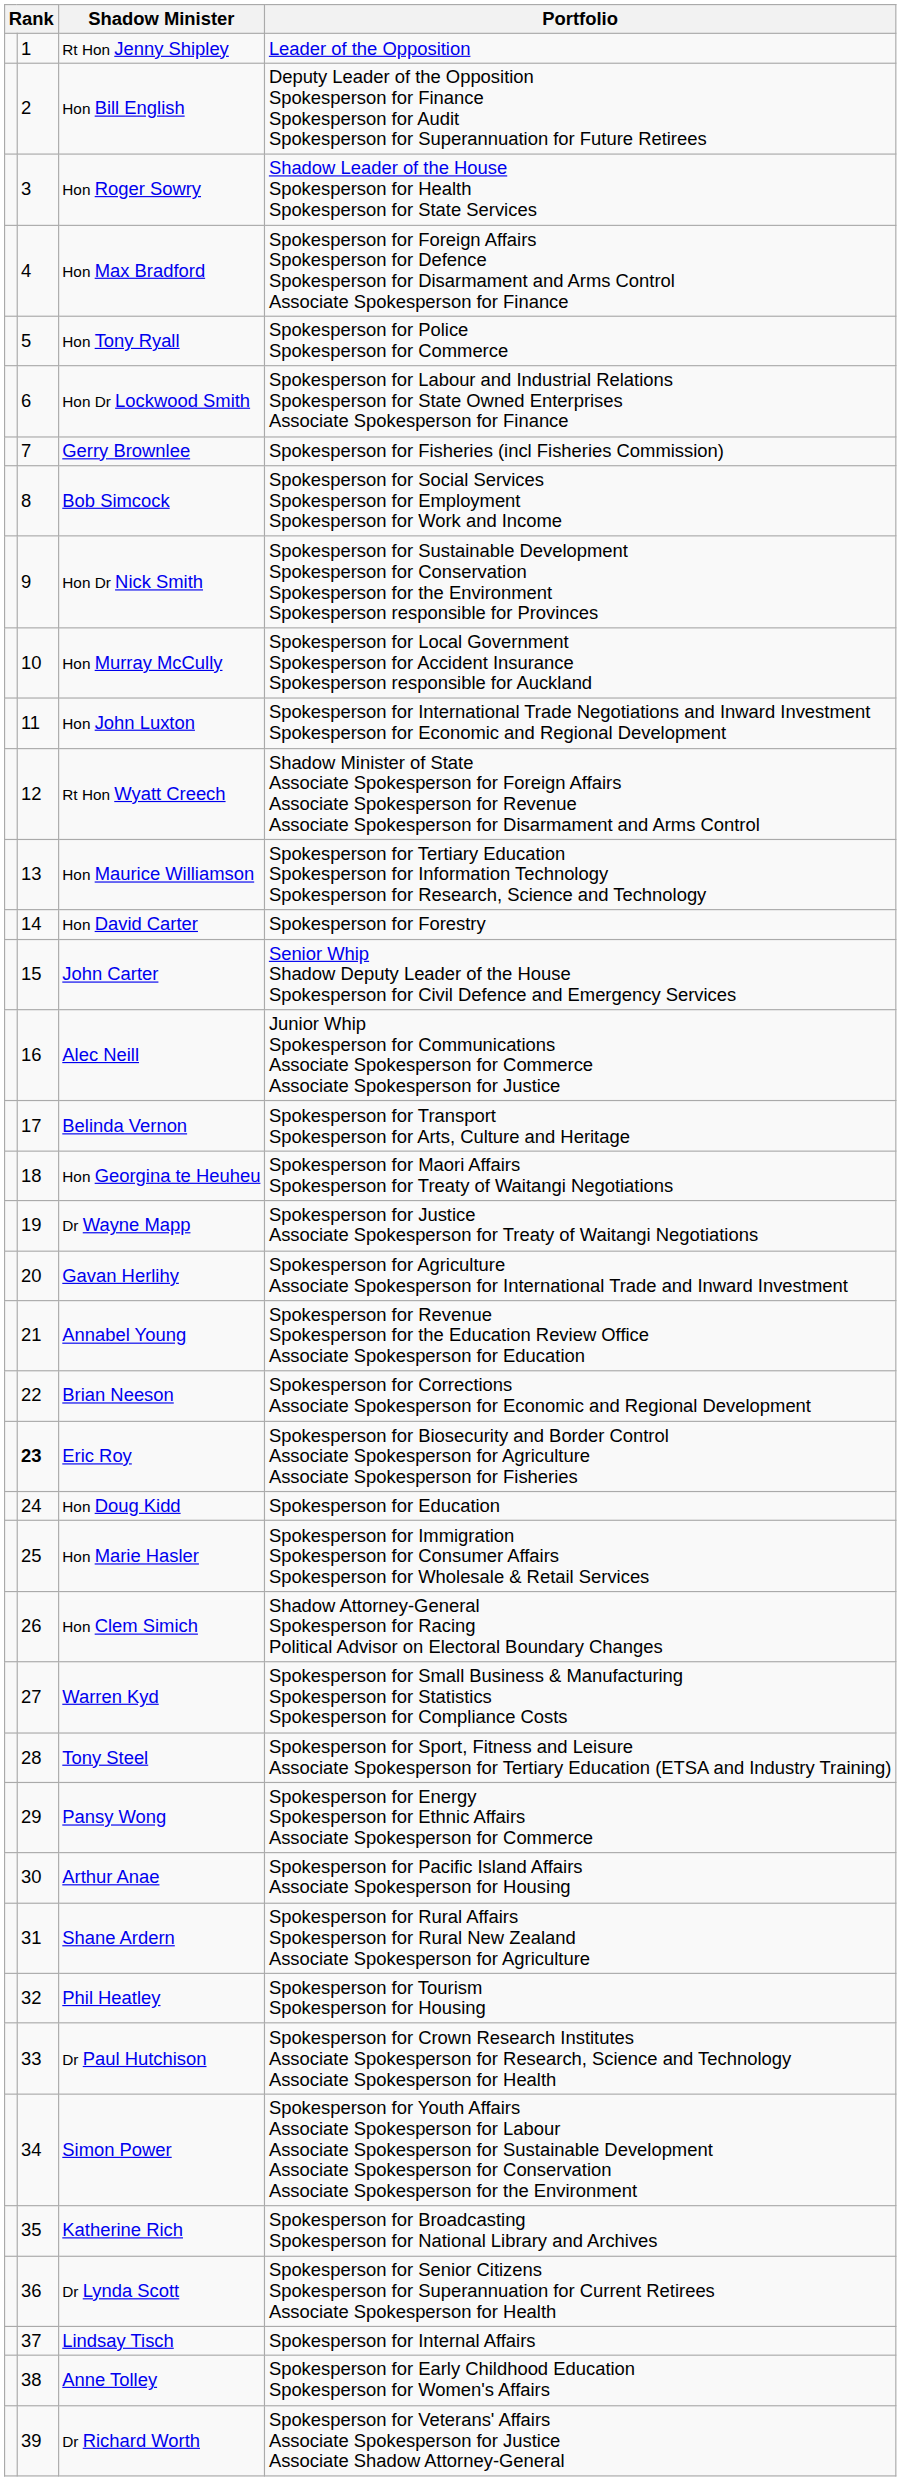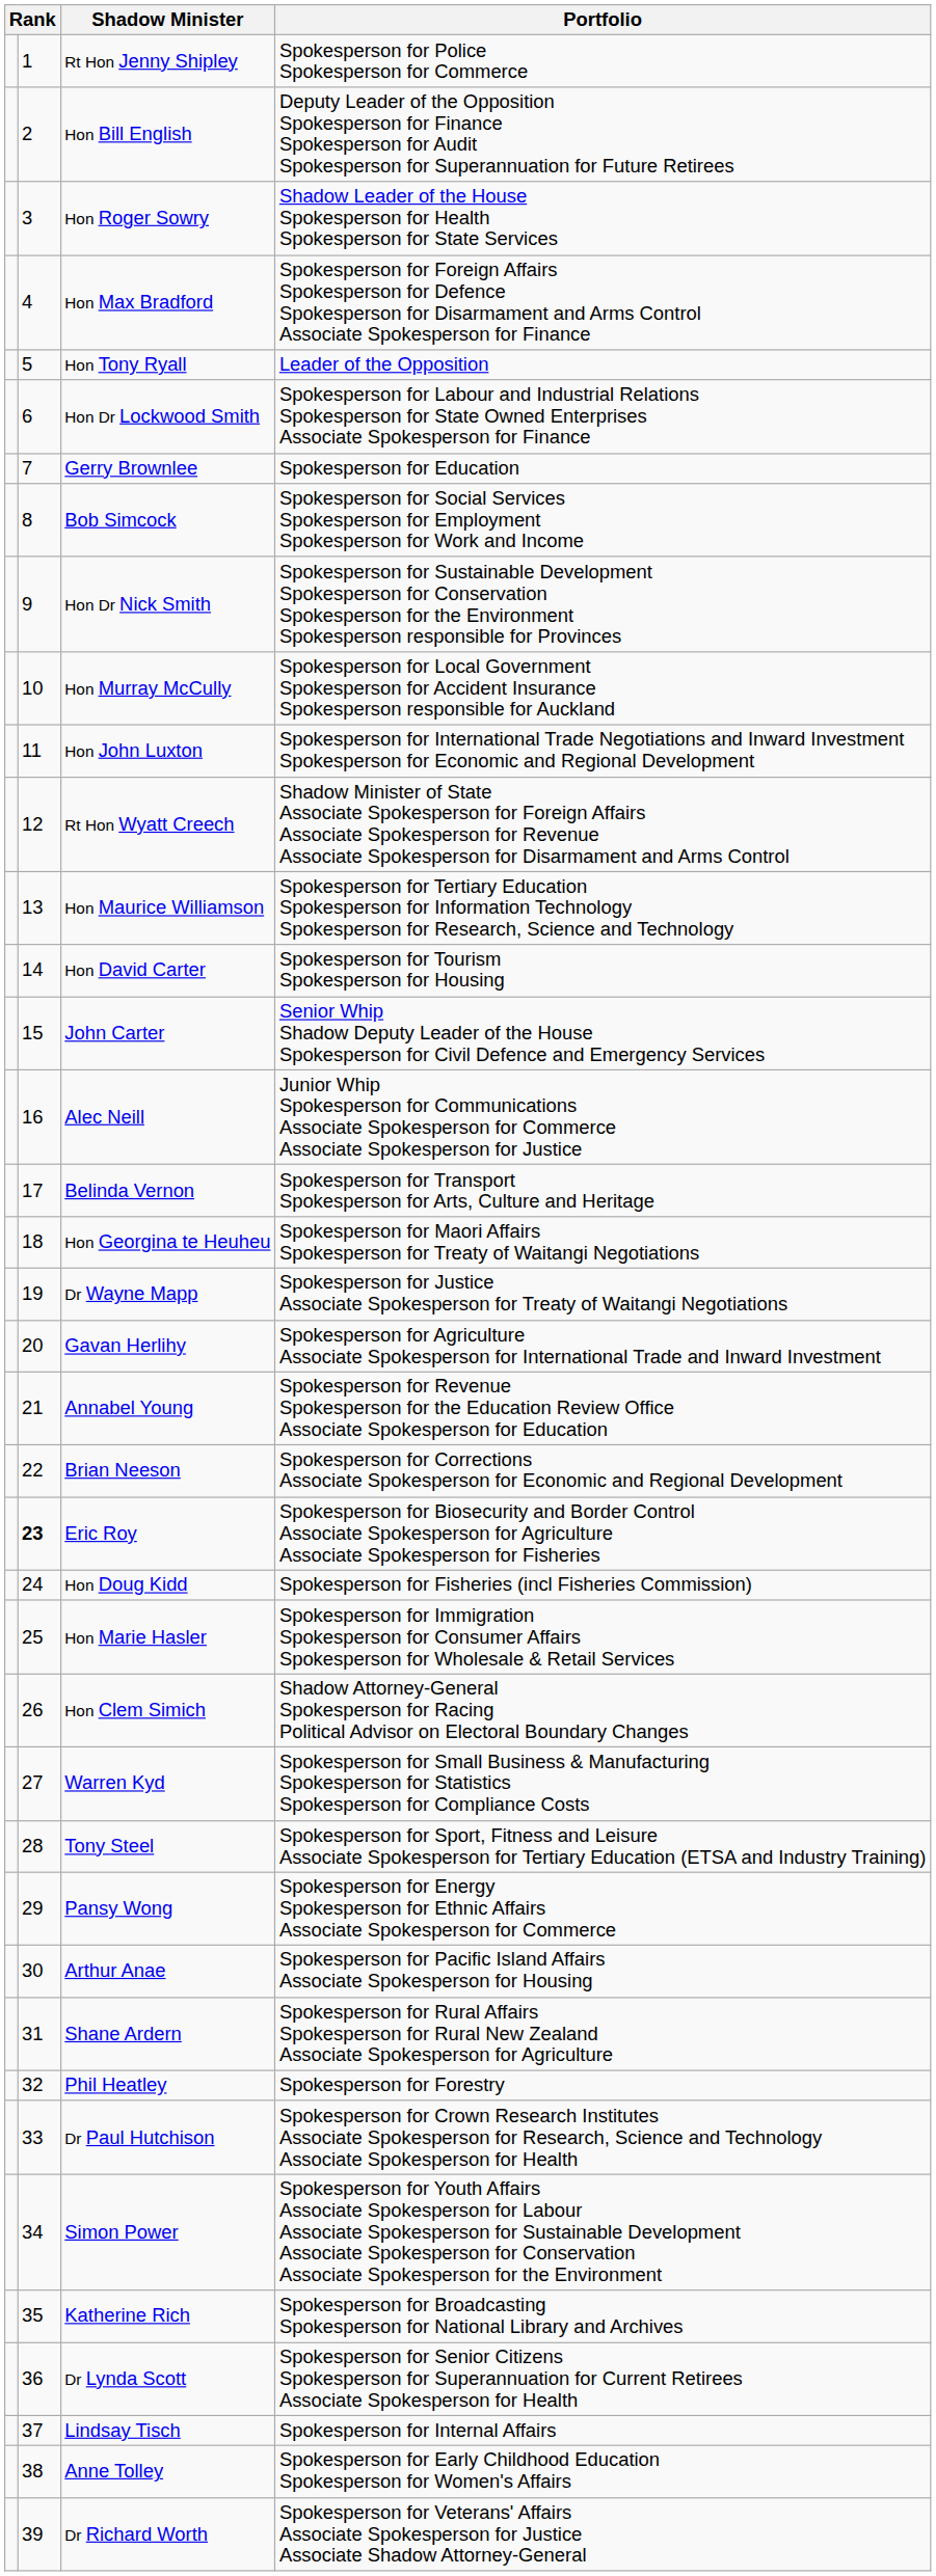 <table class="wikitable">
 <tr>
 <th colspan="2">Rank</th>
 <th>Shadow Minister</th>
 <th>Portfolio</th>
 </tr>
 <tr>
 <td></td>
 <td>1</td>
 <td><small>Rt Hon </small><a href='#'>Jenny Shipley</a></td>
-<td><a href='#'>Leader of the Opposition</a></td>
+<td>Spokesperson for Police<br>Spokesperson for Commerce</td>
 </tr>
 <tr>
 <td></td>
 <td>2</td>
 <td><small>Hon </small><a href='#'>Bill English</a></td>
 <td>Deputy Leader of the Opposition<br>Spokesperson for Finance<br>Spokesperson for Audit<br>Spokesperson for Superannuation for Future Retirees</td>
 </tr>
 <tr>
 <td></td>
 <td>3</td>
 <td><small>Hon </small><a href='#'>Roger Sowry</a></td>
 <td><a href='#'>Shadow Leader of the House</a><br>Spokesperson for Health<br>Spokesperson for State Services</td>
 </tr>
 <tr>
 <td></td>
 <td>4</td>
 <td><small>Hon </small><a href='#'>Max Bradford</a></td>
 <td>Spokesperson for Foreign Affairs<br>Spokesperson for Defence<br>Spokesperson for Disarmament and Arms Control<br>Associate Spokesperson for Finance</td>
 </tr>
 <tr>
 <td></td>
 <td>5</td>
 <td><small>Hon </small><a href='#'>Tony Ryall</a></td>
-<td>Spokesperson for Police<br>Spokesperson for Commerce</td>
+<td><a href='#'>Leader of the Opposition</a></td>
 </tr>
 <tr>
 <td></td>
 <td>6</td>
 <td><small>Hon Dr </small><a href='#'>Lockwood Smith</a></td>
 <td>Spokesperson for Labour and Industrial Relations<br>Spokesperson for State Owned Enterprises<br>Associate Spokesperson for Finance</td>
 </tr>
 <tr>
 <td></td>
 <td>7</td>
 <td><a href='#'>Gerry Brownlee</a></td>
-<td>Spokesperson for Fisheries (incl Fisheries Commission)</td>
+<td>Spokesperson for Education</td>
 </tr>
 <tr>
 <td></td>
 <td>8</td>
 <td><a href='#'>Bob Simcock</a></td>
 <td>Spokesperson for Social Services<br>Spokesperson for Employment<br>Spokesperson for Work and Income</td>
 </tr>
 <tr>
 <td></td>
 <td>9</td>
 <td><small>Hon Dr </small><a href='#'>Nick Smith</a></td>
 <td>Spokesperson for Sustainable Development<br>Spokesperson for Conservation<br>Spokesperson for the Environment<br>Spokesperson responsible for Provinces</td>
 </tr>
 <tr>
 <td></td>
 <td>10</td>
 <td><small>Hon </small><a href='#'>Murray McCully</a></td>
 <td>Spokesperson for Local Government<br>Spokesperson for Accident Insurance<br>Spokesperson responsible for Auckland</td>
 </tr>
 <tr>
 <td></td>
 <td>11</td>
 <td><small>Hon </small><a href='#'>John Luxton</a></td>
 <td>Spokesperson for International Trade Negotiations and Inward Investment<br>Spokesperson for Economic and Regional Development</td>
 </tr>
 <tr>
 <td></td>
 <td>12</td>
 <td><small>Rt Hon </small><a href='#'>Wyatt Creech</a></td>
 <td>Shadow Minister of State<br>Associate Spokesperson for Foreign Affairs<br>Associate Spokesperson for Revenue<br>Associate Spokesperson for Disarmament and Arms Control</td>
 </tr>
 <tr>
 <td></td>
 <td>13</td>
 <td><small>Hon </small><a href='#'>Maurice Williamson</a></td>
 <td>Spokesperson for Tertiary Education<br>Spokesperson for Information Technology<br>Spokesperson for Research, Science and Technology</td>
 </tr>
 <tr>
 <td></td>
 <td>14</td>
 <td><small>Hon </small><a href='#'>David Carter</a></td>
-<td>Spokesperson for Forestry</td>
+<td>Spokesperson for Tourism<br>Spokesperson for Housing</td>
 </tr>
 <tr>
 <td></td>
 <td>15</td>
 <td><a href='#'>John Carter</a></td>
 <td><a href='#'>Senior Whip</a><br>Shadow Deputy Leader of the House<br>Spokesperson for Civil Defence and Emergency Services</td>
 </tr>
 <tr>
 <td></td>
 <td>16</td>
 <td><a href='#'>Alec Neill</a></td>
 <td>Junior Whip<br>Spokesperson for Communications<br>Associate Spokesperson for Commerce<br>Associate Spokesperson for Justice</td>
 </tr>
 <tr>
 <td></td>
 <td>17</td>
 <td><a href='#'>Belinda Vernon</a></td>
 <td>Spokesperson for Transport<br>Spokesperson for Arts, Culture and Heritage</td>
 </tr>
 <tr>
 <td></td>
 <td>18</td>
 <td><small>Hon </small><a href='#'>Georgina te Heuheu</a></td>
 <td>Spokesperson for Maori Affairs<br>Spokesperson for Treaty of Waitangi Negotiations</td>
 </tr>
 <tr>
 <td></td>
 <td>19</td>
 <td><small>Dr </small><a href='#'>Wayne Mapp</a></td>
 <td>Spokesperson for Justice<br>Associate Spokesperson for Treaty of Waitangi Negotiations</td>
 </tr>
 <tr>
 <td></td>
 <td>20</td>
 <td><a href='#'>Gavan Herlihy</a></td>
 <td>Spokesperson for Agriculture<br>Associate Spokesperson for International Trade and Inward Investment</td>
 </tr>
 <tr>
 <td></td>
 <td>21</td>
 <td><a href='#'>Annabel Young</a></td>
 <td>Spokesperson for Revenue<br>Spokesperson for the Education Review Office<br>Associate Spokesperson for Education</td>
 </tr>
 <tr>
 <td></td>
 <td>22</td>
 <td><a href='#'>Brian Neeson</a></td>
 <td>Spokesperson for Corrections<br>Associate Spokesperson for Economic and Regional Development</td>
 </tr>
 <tr>
 <td></td>
 <td><strong>23</strong></td>
 <td><a href='#'>Eric Roy</a></td>
 <td>Spokesperson for Biosecurity and Border Control<br>Associate Spokesperson for Agriculture<br>Associate Spokesperson for Fisheries</td>
 </tr>
 <tr>
 <td></td>
 <td>24</td>
 <td><small>Hon </small><a href='#'>Doug Kidd</a></td>
-<td>Spokesperson for Education</td>
+<td>Spokesperson for Fisheries (incl Fisheries Commission)</td>
 </tr>
 <tr>
 <td></td>
 <td>25</td>
 <td><small>Hon </small><a href='#'>Marie Hasler</a></td>
 <td>Spokesperson for Immigration<br>Spokesperson for Consumer Affairs<br>Spokesperson for Wholesale & Retail Services</td>
 </tr>
 <tr>
 <td></td>
 <td>26</td>
 <td><small>Hon </small><a href='#'>Clem Simich</a></td>
 <td>Shadow Attorney-General<br>Spokesperson for Racing<br>Political Advisor on Electoral Boundary Changes</td>
 </tr>
 <tr>
 <td></td>
 <td>27</td>
 <td><a href='#'>Warren Kyd</a></td>
 <td>Spokesperson for Small Business & Manufacturing<br>Spokesperson for Statistics<br>Spokesperson for Compliance Costs</td>
 </tr>
 <tr>
 <td></td>
 <td>28</td>
 <td><a href='#'>Tony Steel</a></td>
 <td>Spokesperson for Sport, Fitness and Leisure<br>Associate Spokesperson for Tertiary Education (ETSA and Industry Training)</td>
 </tr>
 <tr>
 <td></td>
 <td>29</td>
 <td><a href='#'>Pansy Wong</a></td>
 <td>Spokesperson for Energy<br>Spokesperson for Ethnic Affairs<br>Associate Spokesperson for Commerce</td>
 </tr>
 <tr>
 <td></td>
 <td>30</td>
 <td><a href='#'>Arthur Anae</a></td>
 <td>Spokesperson for Pacific Island Affairs<br>Associate Spokesperson for Housing</td>
 </tr>
 <tr>
 <td></td>
 <td>31</td>
 <td><a href='#'>Shane Ardern</a></td>
 <td>Spokesperson for Rural Affairs<br>Spokesperson for Rural New Zealand<br>Associate Spokesperson for Agriculture</td>
 </tr>
 <tr>
 <td></td>
 <td>32</td>
 <td><a href='#'>Phil Heatley</a></td>
-<td>Spokesperson for Tourism<br>Spokesperson for Housing</td>
+<td>Spokesperson for Forestry</td>
 </tr>
 <tr>
 <td></td>
 <td>33</td>
 <td><small>Dr </small><a href='#'>Paul Hutchison</a></td>
 <td>Spokesperson for Crown Research Institutes<br>Associate Spokesperson for Research, Science and Technology<br>Associate Spokesperson for Health</td>
 </tr>
 <tr>
 <td></td>
 <td>34</td>
 <td><a href='#'>Simon Power</a></td>
 <td>Spokesperson for Youth Affairs<br>Associate Spokesperson for Labour<br>Associate Spokesperson for Sustainable Development<br>Associate Spokesperson for Conservation<br>Associate Spokesperson for the Environment</td>
 </tr>
 <tr>
 <td></td>
 <td>35</td>
 <td><a href='#'>Katherine Rich</a></td>
 <td>Spokesperson for Broadcasting<br>Spokesperson for National Library and Archives</td>
 </tr>
 <tr>
 <td></td>
 <td>36</td>
 <td><small>Dr </small><a href='#'>Lynda Scott</a></td>
 <td>Spokesperson for Senior Citizens<br>Spokesperson for Superannuation for Current Retirees<br>Associate Spokesperson for Health</td>
 </tr>
 <tr>
 <td></td>
 <td>37</td>
 <td><a href='#'>Lindsay Tisch</a></td>
 <td>Spokesperson for Internal Affairs</td>
 </tr>
 <tr>
 <td></td>
 <td>38</td>
 <td><a href='#'>Anne Tolley</a></td>
 <td>Spokesperson for Early Childhood Education<br>Spokesperson for Women's Affairs</td>
 </tr>
 <tr>
 <td></td>
 <td>39</td>
 <td><small>Dr </small><a href='#'>Richard Worth</a></td>
 <td>Spokesperson for Veterans' Affairs<br>Associate Spokesperson for Justice<br>Associate Shadow Attorney-General</td>
 </tr>
 </table>
